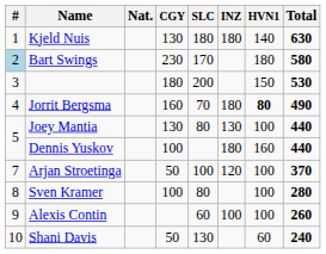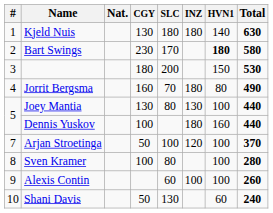 <table class="wikitable" style="text-align:center;">
 <tr>
 <th>#</th>
 <th>Name</th>
 <th>Nat.</th>
 <th><small>CGY</small></th>
 <th><small>SLC</small></th>
 <th><small>INZ</small></th>
 <th><small>HVN1</small></th>
 <th>Total</th>
 </tr>
 <tr>
 <td>1</td>
 <td align=left><a href='#'>Kjeld Nuis</a></td>
 <td></td>
 <td>130</td>
 <td>180</td>
 <td>180</td>
 <td>140</td>
 <td><strong>630</strong></td>
 </tr>
 <tr>
-<td style="background: lightblue;">2</td>
+<td>2</td>
 <td align=left><a href='#'>Bart Swings</a></td>
 <td></td>
 <td>230</td>
 <td>170</td>
 <td></td>
-<td>180</td>
+<td><strong>180</strong></td>
 <td><strong>580</strong></td>
 </tr>
 <tr>
 <td>3</td>
 <td align=left></td>
 <td></td>
 <td>180</td>
 <td>200</td>
 <td></td>
 <td>150</td>
 <td><strong>530</strong></td>
 </tr>
 <tr>
 <td>4</td>
 <td align=left><a href='#'>Jorrit Bergsma</a></td>
 <td></td>
 <td>160</td>
 <td>70</td>
 <td>180</td>
-<td><strong>80</strong></td>
+<td>80</td>
 <td><strong>490</strong></td>
 </tr>
 <tr>
 <td rowspan=2>5</td>
 <td align=left><a href='#'>Joey Mantia</a></td>
 <td></td>
 <td>130</td>
 <td>80</td>
 <td>130</td>
 <td>100</td>
 <td><strong>440</strong></td>
 </tr>
 <tr>
 <td align=left><a href='#'>Dennis Yuskov</a></td>
 <td></td>
 <td>100</td>
 <td></td>
 <td>180</td>
 <td>160</td>
 <td><strong>440</strong></td>
 </tr>
 <tr>
 <td>7</td>
 <td align=left><a href='#'>Arjan Stroetinga</a></td>
 <td></td>
 <td>50</td>
 <td>100</td>
 <td>120</td>
 <td>100</td>
 <td><strong>370</strong></td>
 </tr>
 <tr>
 <td>8</td>
 <td align=left><a href='#'>Sven Kramer</a></td>
 <td></td>
 <td>100</td>
 <td>80</td>
 <td></td>
 <td>100</td>
 <td><strong>280</strong></td>
 </tr>
 <tr>
 <td>9</td>
 <td align=left><a href='#'>Alexis Contin</a></td>
 <td></td>
 <td></td>
 <td>60</td>
 <td>100</td>
 <td>100</td>
 <td><strong>260</strong></td>
 </tr>
 <tr>
 <td>10</td>
 <td align=left><a href='#'>Shani Davis</a></td>
 <td></td>
 <td>50</td>
 <td>130</td>
 <td></td>
 <td>60</td>
 <td><strong>240</strong></td>
 </tr>
 </table>
